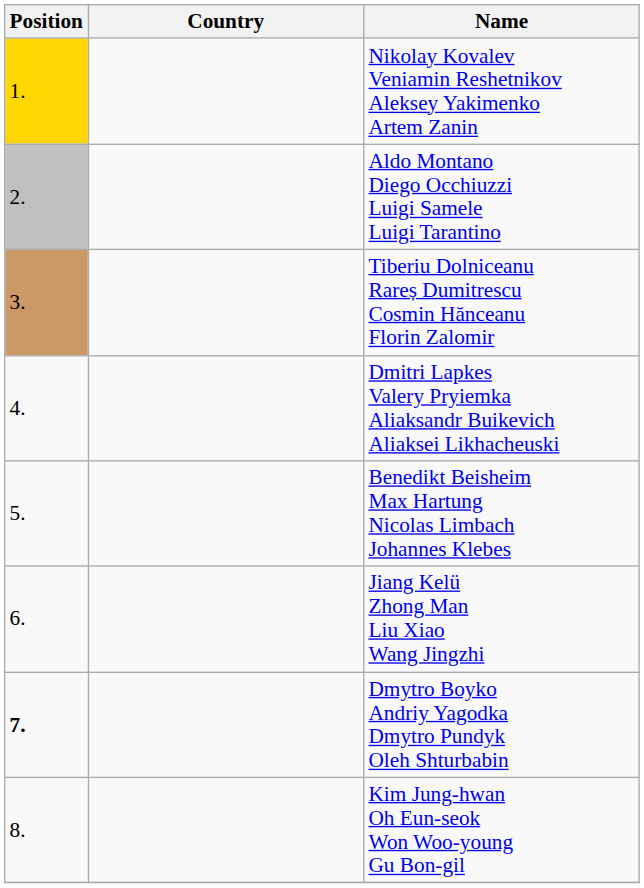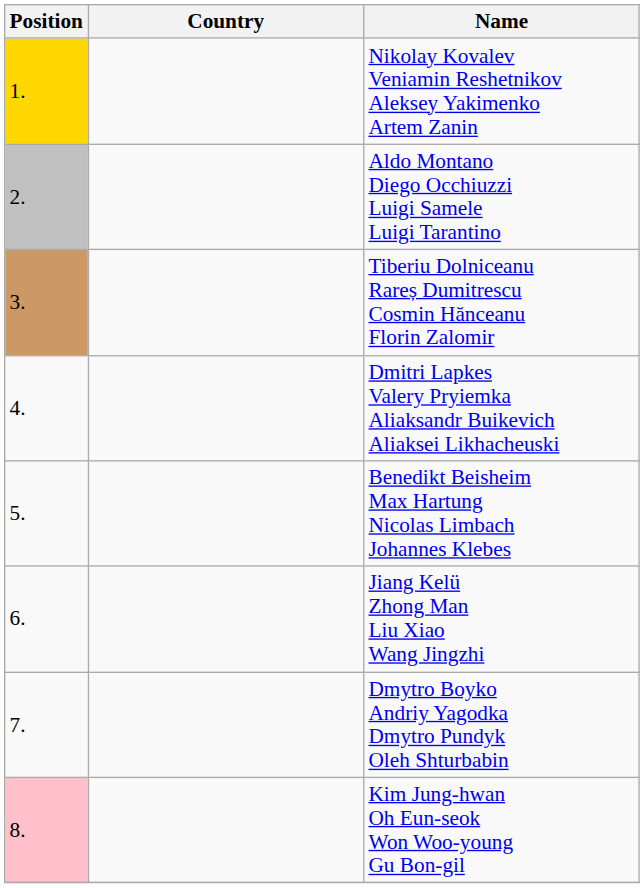 <table class="wikitable">
 <tr>
 <th width="10">Position</th>
 <th width="200">Country</th>
 <th width="200">Name</th>
 </tr>
 <tr>
 <td bgcolor="gold">1.</td>
 <td></td>
 <td><a href='#'>Nikolay Kovalev</a><br><a href='#'>Veniamin Reshetnikov</a><br><a href='#'>Aleksey Yakimenko</a><br><a href='#'>Artem Zanin</a></td>
 </tr>
 <tr>
 <td bgcolor="silver">2.</td>
 <td></td>
 <td><a href='#'>Aldo Montano</a><br><a href='#'>Diego Occhiuzzi</a><br><a href='#'>Luigi Samele</a><br><a href='#'>Luigi Tarantino</a></td>
 </tr>
 <tr>
 <td bgcolor="#CC9966">3.</td>
 <td></td>
 <td><a href='#'>Tiberiu Dolniceanu</a><br><a href='#'>Rareș Dumitrescu</a><br><a href='#'>Cosmin Hănceanu</a><br><a href='#'>Florin Zalomir</a></td>
 </tr>
 <tr>
 <td>4.</td>
 <td></td>
 <td><a href='#'>Dmitri Lapkes</a><br><a href='#'>Valery Pryiemka</a><br><a href='#'>Aliaksandr Buikevich</a><br><a href='#'>Aliaksei Likhacheuski</a></td>
 </tr>
 <tr>
 <td>5.</td>
 <td></td>
 <td><a href='#'>Benedikt Beisheim</a><br><a href='#'>Max Hartung</a><br><a href='#'>Nicolas Limbach</a><br><a href='#'>Johannes Klebes</a></td>
 </tr>
 <tr>
 <td>6.</td>
 <td></td>
 <td><a href='#'>Jiang Kelü</a><br><a href='#'>Zhong Man</a><br><a href='#'>Liu Xiao</a><br><a href='#'>Wang Jingzhi</a></td>
 </tr>
 <tr>
-<td><strong>7.</strong></td>
+<td>7.</td>
 <td></td>
 <td><a href='#'>Dmytro Boyko</a><br><a href='#'>Andriy Yagodka</a><br><a href='#'>Dmytro Pundyk</a><br><a href='#'>Oleh Shturbabin</a></td>
 </tr>
 <tr>
-<td>8.</td>
+<td style="background: pink;">8.</td>
 <td></td>
 <td><a href='#'>Kim Jung-hwan</a><br><a href='#'>Oh Eun-seok</a><br><a href='#'>Won Woo-young</a><br><a href='#'>Gu Bon-gil</a></td>
 </tr>
 <tr>
 </tr>
 </table>
